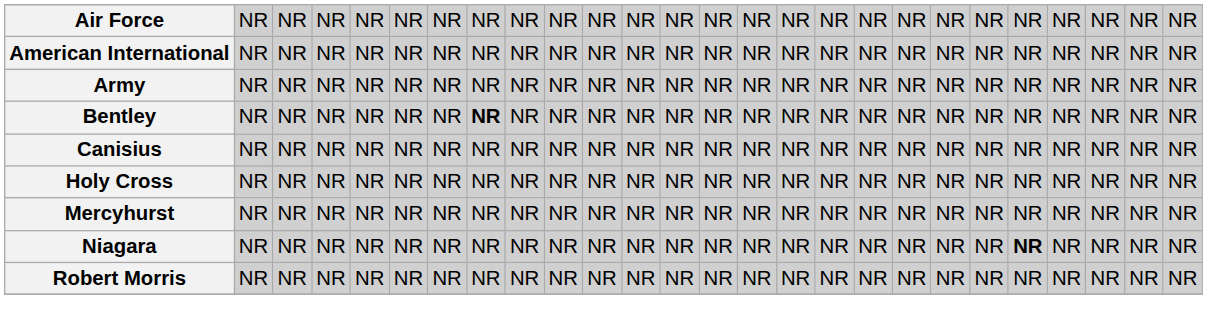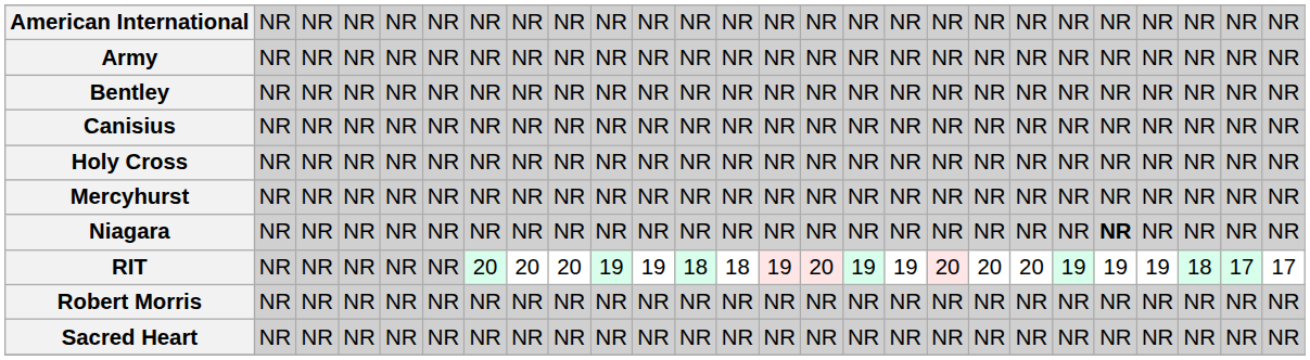 <table class="wikitable sortable" style="text-align: center;">
 <tr>
-</tr>
-<tr bgcolor=d0d0d0>
-<th><strong>Air Force</strong></th>
-<td>NR</td>
-<td>NR</td>
-<td>NR</td>
-<td>NR</td>
-<td>NR</td>
-<td>NR</td>
-<td>NR</td>
-<td>NR</td>
-<td>NR</td>
-<td>NR</td>
-<td>NR</td>
-<td>NR</td>
-<td>NR</td>
-<td>NR</td>
-<td>NR</td>
-<td>NR</td>
-<td>NR</td>
-<td>NR</td>
-<td>NR</td>
-<td>NR</td>
-<td>NR</td>
-<td>NR</td>
-<td>NR</td>
-<td>NR</td>
-<td>NR</td>
 </tr>
 <tr bgcolor=d0d0d0>
 <th><strong>American International</strong></th>
 <td>NR</td>
 <td>NR</td>
 <td>NR</td>
 <td>NR</td>
 <td>NR</td>
 <td>NR</td>
 <td>NR</td>
 <td>NR</td>
 <td>NR</td>
 <td>NR</td>
 <td>NR</td>
 <td>NR</td>
 <td>NR</td>
 <td>NR</td>
 <td>NR</td>
 <td>NR</td>
 <td>NR</td>
 <td>NR</td>
 <td>NR</td>
 <td>NR</td>
 <td>NR</td>
 <td>NR</td>
 <td>NR</td>
 <td>NR</td>
 <td>NR</td>
 </tr>
 <tr bgcolor=d0d0d0>
 <th><strong>Army</strong></th>
 <td>NR</td>
 <td>NR</td>
 <td>NR</td>
 <td>NR</td>
 <td>NR</td>
 <td>NR</td>
 <td>NR</td>
 <td>NR</td>
 <td>NR</td>
 <td>NR</td>
 <td>NR</td>
 <td>NR</td>
 <td>NR</td>
 <td>NR</td>
 <td>NR</td>
 <td>NR</td>
 <td>NR</td>
 <td>NR</td>
 <td>NR</td>
 <td>NR</td>
 <td>NR</td>
 <td>NR</td>
 <td>NR</td>
 <td>NR</td>
 <td>NR</td>
 </tr>
 <tr bgcolor=d0d0d0>
 <th><strong>Bentley</strong></th>
 <td>NR</td>
 <td>NR</td>
 <td>NR</td>
 <td>NR</td>
 <td>NR</td>
 <td>NR</td>
-<td><strong>NR</strong></td>
+<td>NR</td>
 <td>NR</td>
 <td>NR</td>
 <td>NR</td>
 <td>NR</td>
 <td>NR</td>
 <td>NR</td>
 <td>NR</td>
 <td>NR</td>
 <td>NR</td>
 <td>NR</td>
 <td>NR</td>
 <td>NR</td>
 <td>NR</td>
 <td>NR</td>
 <td>NR</td>
 <td>NR</td>
 <td>NR</td>
 <td>NR</td>
 </tr>
 <tr bgcolor=d0d0d0>
 <th><strong>Canisius</strong></th>
 <td>NR</td>
 <td>NR</td>
 <td>NR</td>
 <td>NR</td>
 <td>NR</td>
 <td>NR</td>
 <td>NR</td>
 <td>NR</td>
 <td>NR</td>
 <td>NR</td>
 <td>NR</td>
 <td>NR</td>
 <td>NR</td>
 <td>NR</td>
 <td>NR</td>
 <td>NR</td>
 <td>NR</td>
 <td>NR</td>
 <td>NR</td>
 <td>NR</td>
 <td>NR</td>
 <td>NR</td>
 <td>NR</td>
 <td>NR</td>
 <td>NR</td>
 </tr>
 <tr bgcolor=d0d0d0>
 <th><strong>Holy Cross</strong></th>
 <td>NR</td>
 <td>NR</td>
 <td>NR</td>
 <td>NR</td>
 <td>NR</td>
 <td>NR</td>
 <td>NR</td>
 <td>NR</td>
 <td>NR</td>
 <td>NR</td>
 <td>NR</td>
 <td>NR</td>
 <td>NR</td>
 <td>NR</td>
 <td>NR</td>
 <td>NR</td>
 <td>NR</td>
 <td>NR</td>
 <td>NR</td>
 <td>NR</td>
 <td>NR</td>
 <td>NR</td>
 <td>NR</td>
 <td>NR</td>
 <td>NR</td>
 </tr>
 <tr bgcolor=d0d0d0>
 <th><strong>Mercyhurst</strong></th>
 <td>NR</td>
 <td>NR</td>
 <td>NR</td>
 <td>NR</td>
 <td>NR</td>
 <td>NR</td>
 <td>NR</td>
 <td>NR</td>
 <td>NR</td>
 <td>NR</td>
 <td>NR</td>
 <td>NR</td>
 <td>NR</td>
 <td>NR</td>
 <td>NR</td>
 <td>NR</td>
 <td>NR</td>
 <td>NR</td>
 <td>NR</td>
 <td>NR</td>
 <td>NR</td>
 <td>NR</td>
 <td>NR</td>
 <td>NR</td>
 <td>NR</td>
 </tr>
 <tr bgcolor=d0d0d0>
 <th><strong>Niagara</strong></th>
 <td>NR</td>
 <td>NR</td>
 <td>NR</td>
 <td>NR</td>
 <td>NR</td>
 <td>NR</td>
 <td>NR</td>
 <td>NR</td>
 <td>NR</td>
 <td>NR</td>
 <td>NR</td>
 <td>NR</td>
 <td>NR</td>
 <td>NR</td>
 <td>NR</td>
 <td>NR</td>
 <td>NR</td>
 <td>NR</td>
 <td>NR</td>
 <td>NR</td>
 <td><strong>NR</strong></td>
 <td>NR</td>
 <td>NR</td>
 <td>NR</td>
 <td>NR</td>
 </tr>
 <tr bgcolor=d0d0d0>
+<th><strong>RIT</strong></th>
+<td>NR</td>
+<td>NR</td>
+<td>NR</td>
+<td>NR</td>
+<td>NR</td>
+<td bgcolor=D8FFEB>20</td>
+<td bgcolor=ffffff>20</td>
+<td bgcolor=ffffff>20</td>
+<td bgcolor=D8FFEB>19</td>
+<td bgcolor=ffffff>19</td>
+<td bgcolor=D8FFEB>18</td>
+<td bgcolor=ffffff>18</td>
+<td bgcolor=FFE6E6>19</td>
+<td bgcolor=FFE6E6>20</td>
+<td bgcolor=D8FFEB>19</td>
+<td bgcolor=ffffff>19</td>
+<td bgcolor=FFE6E6>20</td>
+<td bgcolor=ffffff>20</td>
+<td bgcolor=ffffff>20</td>
+<td bgcolor=D8FFEB>19</td>
+<td bgcolor=ffffff>19</td>
+<td bgcolor=ffffff>19</td>
+<td bgcolor=D8FFEB>18</td>
+<td bgcolor=D8FFEB>17</td>
+<td bgcolor=ffffff>17</td>
+</tr>
+<tr bgcolor=d0d0d0>
 <th><strong>Robert Morris</strong></th>
+<td>NR</td>
+<td>NR</td>
+<td>NR</td>
+<td>NR</td>
+<td>NR</td>
+<td>NR</td>
+<td>NR</td>
+<td>NR</td>
+<td>NR</td>
+<td>NR</td>
+<td>NR</td>
+<td>NR</td>
+<td>NR</td>
+<td>NR</td>
+<td>NR</td>
+<td>NR</td>
+<td>NR</td>
+<td>NR</td>
+<td>NR</td>
+<td>NR</td>
+<td>NR</td>
+<td>NR</td>
+<td>NR</td>
+<td>NR</td>
+<td>NR</td>
+</tr>
+<tr bgcolor=d0d0d0>
+<th><strong>Sacred Heart</strong></th>
 <td>NR</td>
 <td>NR</td>
 <td>NR</td>
 <td>NR</td>
 <td>NR</td>
 <td>NR</td>
 <td>NR</td>
 <td>NR</td>
 <td>NR</td>
 <td>NR</td>
 <td>NR</td>
 <td>NR</td>
 <td>NR</td>
 <td>NR</td>
 <td>NR</td>
 <td>NR</td>
 <td>NR</td>
 <td>NR</td>
 <td>NR</td>
 <td>NR</td>
 <td>NR</td>
 <td>NR</td>
 <td>NR</td>
 <td>NR</td>
 <td>NR</td>
 </tr>
 <tr>
 </tr>
 </table>
